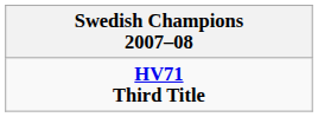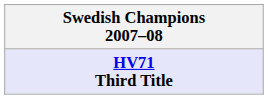 <table class="wikitable" style="text-align: center; margin: 0 auto; width: 20%">
 <tr>
 <th>Swedish Champions<br>2007–08</th>
 </tr>
 <tr>
-<td><strong><a href='#'>HV71</a></strong><br><strong>Third Title</strong></td>
+<td style="background: lavender;"><strong><a href='#'>HV71</a></strong><br><strong>Third Title</strong></td>
 </tr>
 </table>
